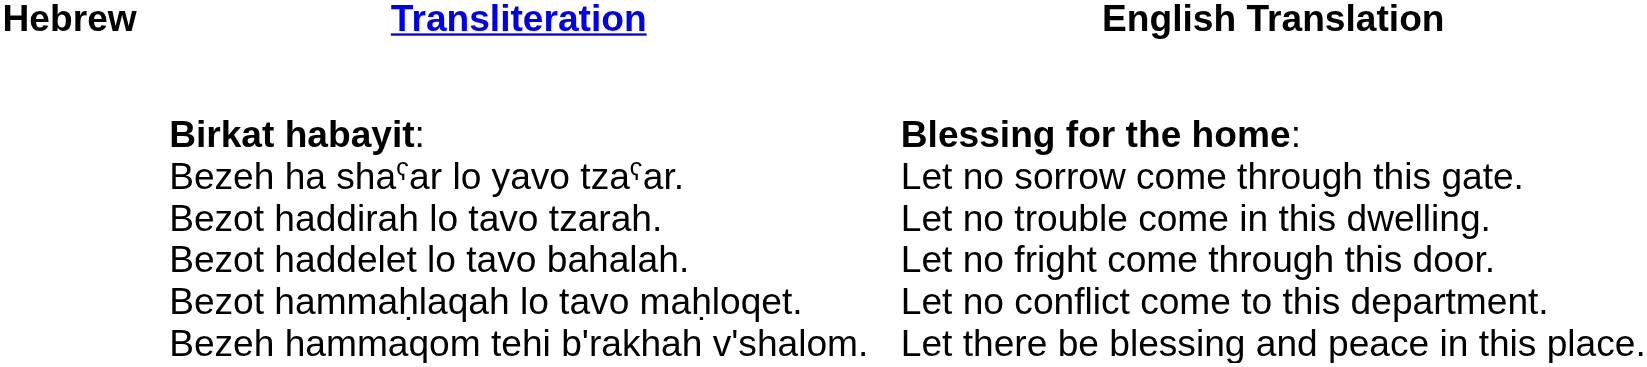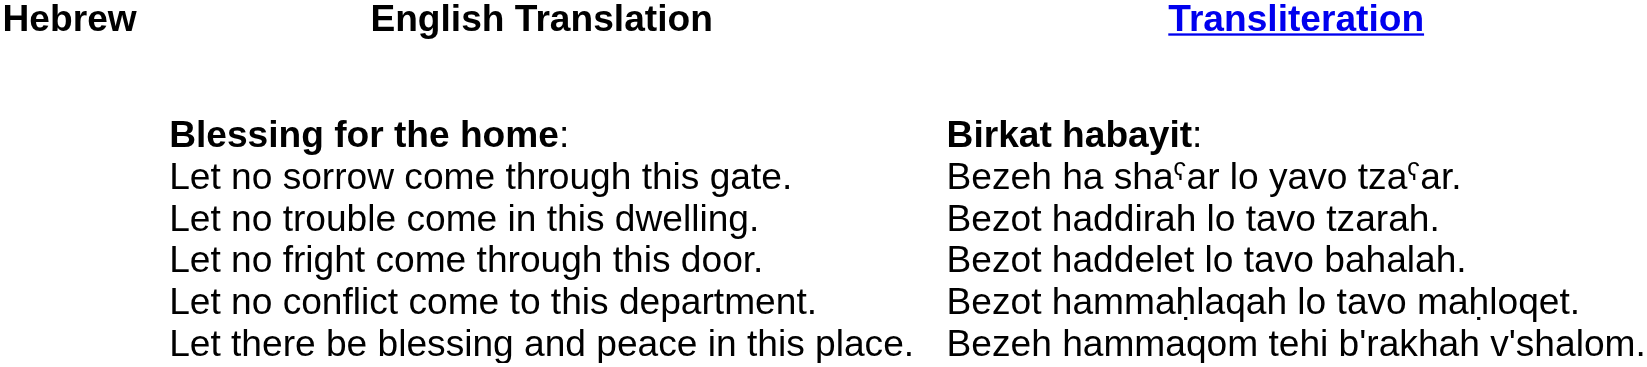 <table cellpadding=6>
 <tr>
 <th>Hebrew</th>
+<th>English Translation</th>
 <th><a href='#'>Transliteration</a></th>
-<th>English Translation</th>
 </tr>
 <tr style="vertical-align:top; white-space:nowrap;">
 <td><br></td>
+<td><br><strong>Blessing for the home</strong>:<br>Let no sorrow come through this gate.<br> Let no trouble come in this dwelling.<br> Let no fright come through this door.<br> Let no conflict come to this department.<br> Let there be blessing and peace in this place.<br></td>
 <td><br><strong>Birkat habayit</strong>:<br>Bezeh ha shaˁar lo yavo tzaˁar.<br>  Bezot haddirah lo tavo tzarah.<br>  Bezot haddelet lo tavo bahalah.<br>  Bezot hammaḥlaqah lo tavo maḥloqet.<br>  Bezeh hammaqom tehi b'rakhah v'shalom.<br></td>
-<td><br><strong>Blessing for the home</strong>:<br>Let no sorrow come through this gate.<br> Let no trouble come in this dwelling.<br> Let no fright come through this door.<br> Let no conflict come to this department.<br> Let there be blessing and peace in this place.<br></td>
 </tr>
 </table>
